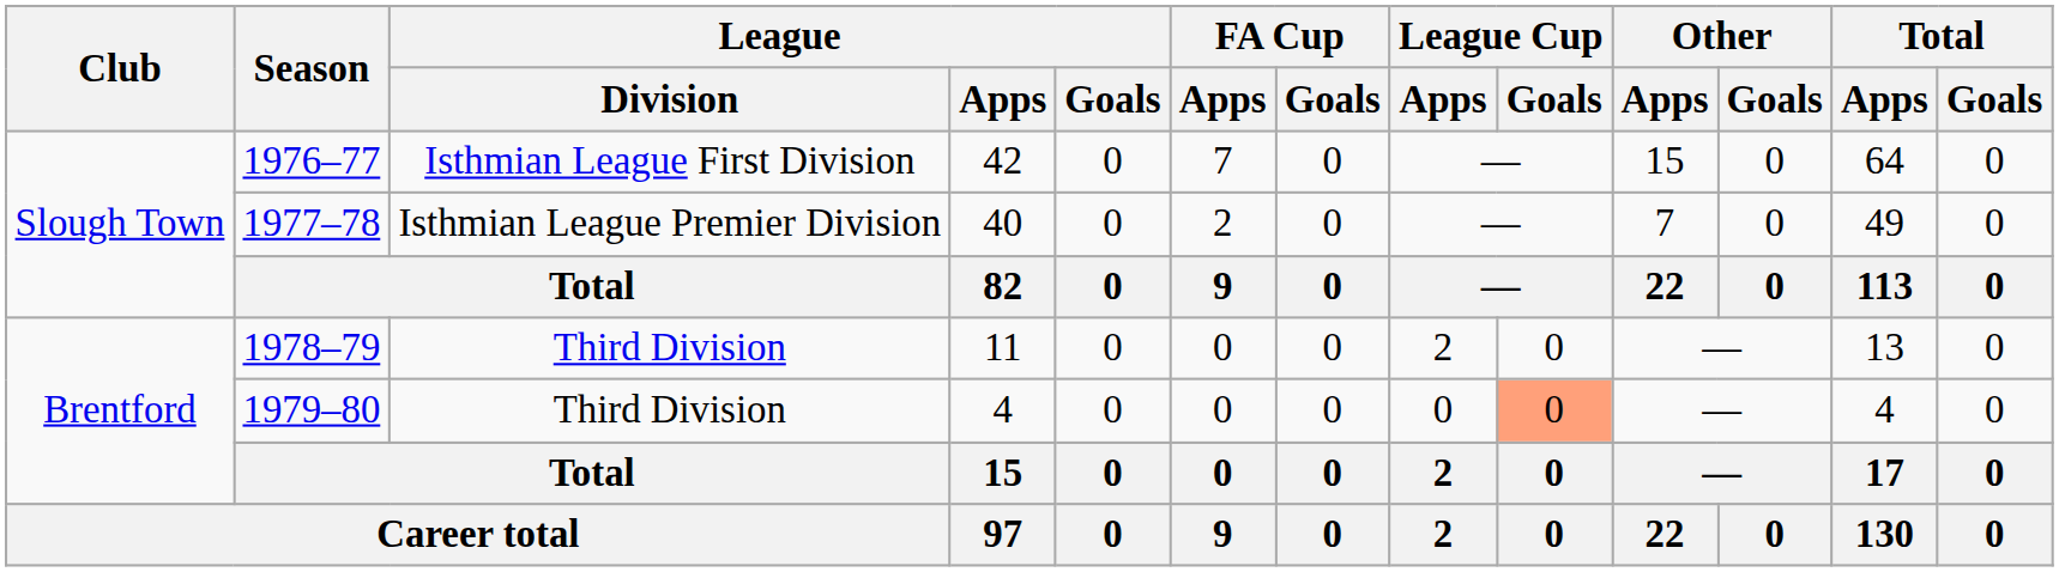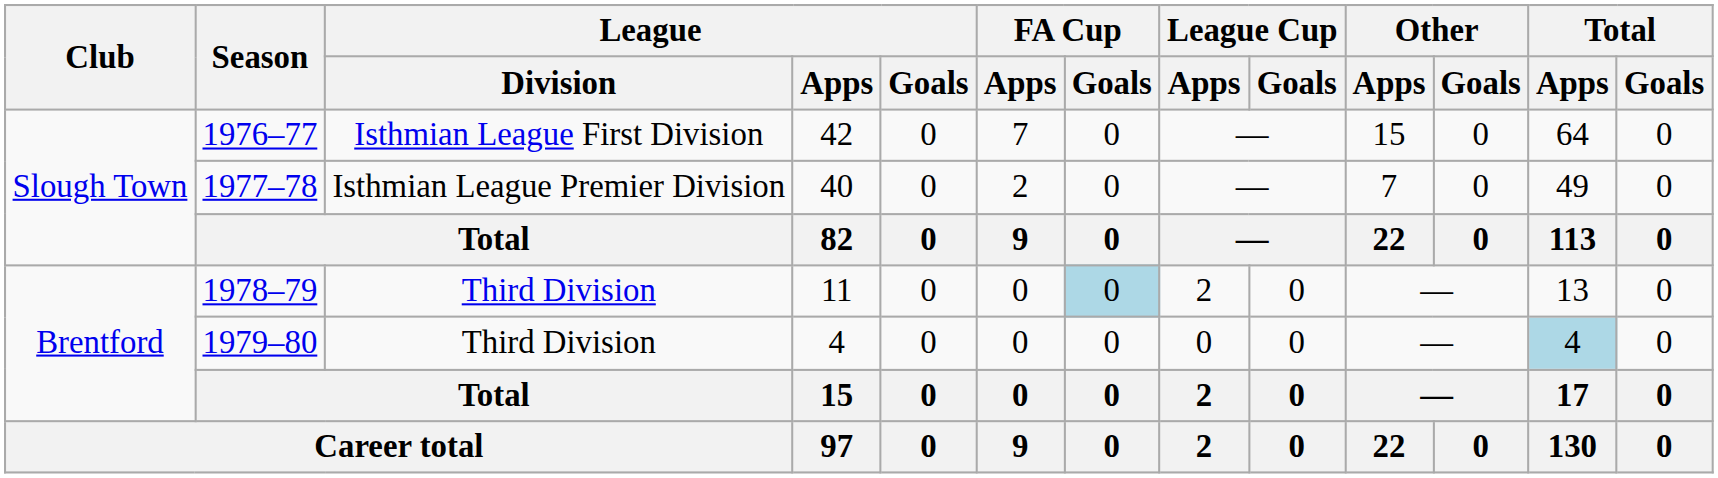 <table class="wikitable" style="text-align: center;">
 <tr>
 <th rowspan="2">Club</th>
 <th rowspan="2">Season</th>
 <th colspan="3">League</th>
 <th colspan="2">FA Cup</th>
 <th colspan="2">League Cup</th>
 <th colspan="2">Other</th>
 <th colspan="2">Total</th>
 </tr>
 <tr>
 <th>Division</th>
 <th>Apps</th>
 <th>Goals</th>
 <th>Apps</th>
 <th>Goals</th>
 <th>Apps</th>
 <th>Goals</th>
 <th>Apps</th>
 <th>Goals</th>
 <th>Apps</th>
 <th>Goals</th>
 </tr>
 <tr>
 <td rowspan="3"><a href='#'>Slough Town</a></td>
 <td><a href='#'>1976–77</a></td>
 <td><a href='#'>Isthmian League</a> First Division</td>
 <td>42</td>
 <td>0</td>
 <td>7</td>
 <td>0</td>
 <td colspan="2">—</td>
 <td>15</td>
 <td>0</td>
 <td>64</td>
 <td>0</td>
 </tr>
 <tr>
 <td><a href='#'>1977–78</a></td>
 <td>Isthmian League Premier Division</td>
 <td>40</td>
 <td>0</td>
 <td>2</td>
 <td>0</td>
 <td colspan="2">—</td>
 <td>7</td>
 <td>0</td>
 <td>49</td>
 <td>0</td>
 </tr>
 <tr>
 <th colspan="2">Total</th>
 <th>82</th>
 <th>0</th>
 <th>9</th>
 <th>0</th>
 <th colspan="2">—</th>
 <th>22</th>
 <th>0</th>
 <th>113</th>
 <th>0</th>
 </tr>
 <tr>
 <td rowspan="3"><a href='#'>Brentford</a></td>
 <td><a href='#'>1978–79</a></td>
 <td><a href='#'>Third Division</a></td>
 <td>11</td>
 <td>0</td>
 <td>0</td>
-<td>0</td>
+<td style="background: lightblue;">0</td>
 <td>2</td>
 <td>0</td>
 <td colspan="2">—</td>
 <td>13</td>
 <td>0</td>
 </tr>
 <tr>
 <td><a href='#'>1979–80</a></td>
 <td>Third Division</td>
 <td>4</td>
 <td>0</td>
 <td>0</td>
 <td>0</td>
 <td>0</td>
-<td style="background: lightsalmon;">0</td>
+<td>0</td>
 <td colspan="2">—</td>
-<td>4</td>
+<td style="background: lightblue;">4</td>
 <td>0</td>
 </tr>
 <tr>
 <th colspan="2">Total</th>
 <th>15</th>
 <th>0</th>
 <th>0</th>
 <th>0</th>
 <th>2</th>
 <th>0</th>
 <th colspan="2">—</th>
 <th>17</th>
 <th>0</th>
 </tr>
 <tr>
 <th colspan="3">Career total</th>
 <th>97</th>
 <th>0</th>
 <th>9</th>
 <th>0</th>
 <th>2</th>
 <th>0</th>
 <th>22</th>
 <th>0</th>
 <th>130</th>
 <th>0</th>
 </tr>
 </table>
